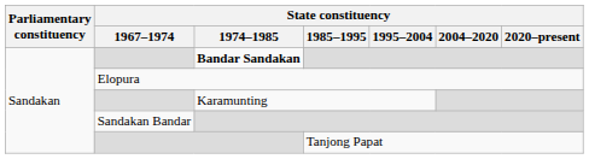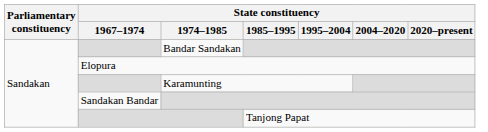 <table class=wikitable>
 <tr>
 <th rowspan=2>Parliamentary<br>constituency</th>
 <th colspan=6>State constituency</th>
 </tr>
 <tr>
 <th>1967–1974</th>
 <th>1974–1985</th>
 <th>1985–1995</th>
 <th>1995–2004</th>
 <th>2004–2020</th>
 <th>2020–present</th>
 </tr>
 <tr>
 <td rowspan=5>Sandakan</td>
 <td bgcolor=dcdcdc></td>
-<td><strong>Bandar Sandakan</strong></td>
+<td>Bandar Sandakan</td>
 <td colspan=4 bgcolor=dcdcdc></td>
 </tr>
 <tr>
 <td colspan=6>Elopura</td>
 </tr>
 <tr>
 <td bgcolor=dcdcdc></td>
 <td colspan=3>Karamunting</td>
 <td colspan=2 bgcolor=dcdcdc></td>
 </tr>
 <tr>
 <td>Sandakan Bandar</td>
 <td colspan=5 bgcolor=dcdcdc></td>
 </tr>
 <tr>
 <td colspan=2 bgcolor=dcdcdc></td>
 <td colspan=4>Tanjong Papat</td>
 </tr>
 </table>
